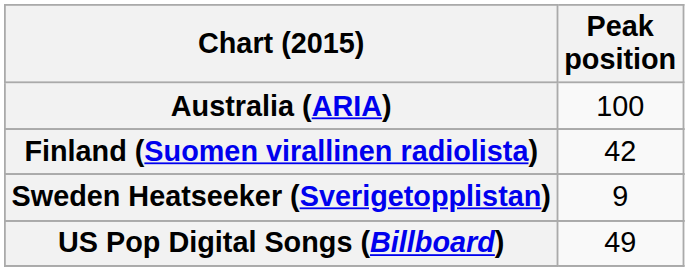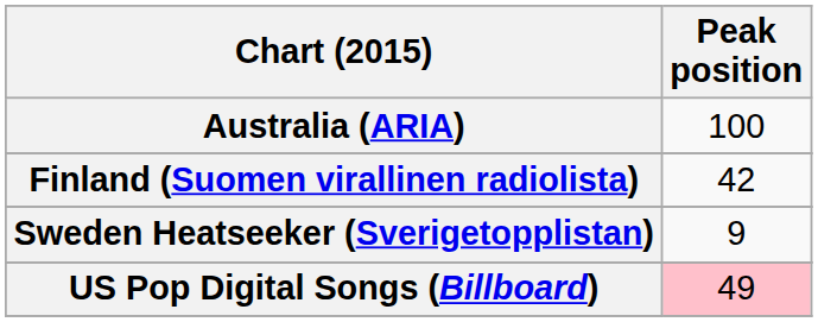 <table class="wikitable plainrowheaders sortable" style="text-align:center;">
 <tr>
 <th>Chart (2015)</th>
 <th>Peak<br>position</th>
 </tr>
 <tr>
 <th scope="row">Australia (<a href='#'>ARIA</a>)</th>
 <td>100</td>
 </tr>
 <tr>
 </tr>
 <tr>
 </tr>
 <tr>
 <th scope="row">Finland (<a href='#'>Suomen virallinen radiolista</a>)</th>
 <td>42</td>
 </tr>
 <tr>
 </tr>
 <tr>
 </tr>
 <tr>
 </tr>
 <tr>
 </tr>
 <tr>
 <th scope="row">Sweden Heatseeker (<a href='#'>Sverigetopplistan</a>)</th>
 <td>9</td>
 </tr>
 <tr>
 </tr>
 <tr>
 <th scope="row">US Pop Digital Songs (<a href='#'><em>Billboard</em></a>)</th>
-<td>49</td>
+<td style="background: pink;">49</td>
 </tr>
 <tr>
 </tr>
 </table>
